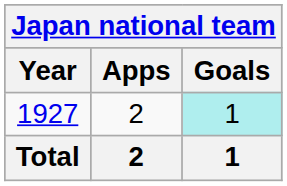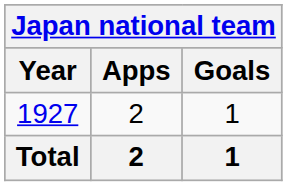 <table class="wikitable" style="text-align:center">
 <tr>
 <th colspan=3><a href='#'>Japan national team</a></th>
 </tr>
 <tr>
 <th>Year</th>
 <th>Apps</th>
 <th>Goals</th>
 </tr>
 <tr>
 <td><a href='#'>1927</a></td>
 <td>2</td>
-<td style="background: paleturquoise;">1</td>
+<td>1</td>
 </tr>
 <tr>
 <th>Total</th>
 <th>2</th>
 <th>1</th>
 </tr>
 </table>
